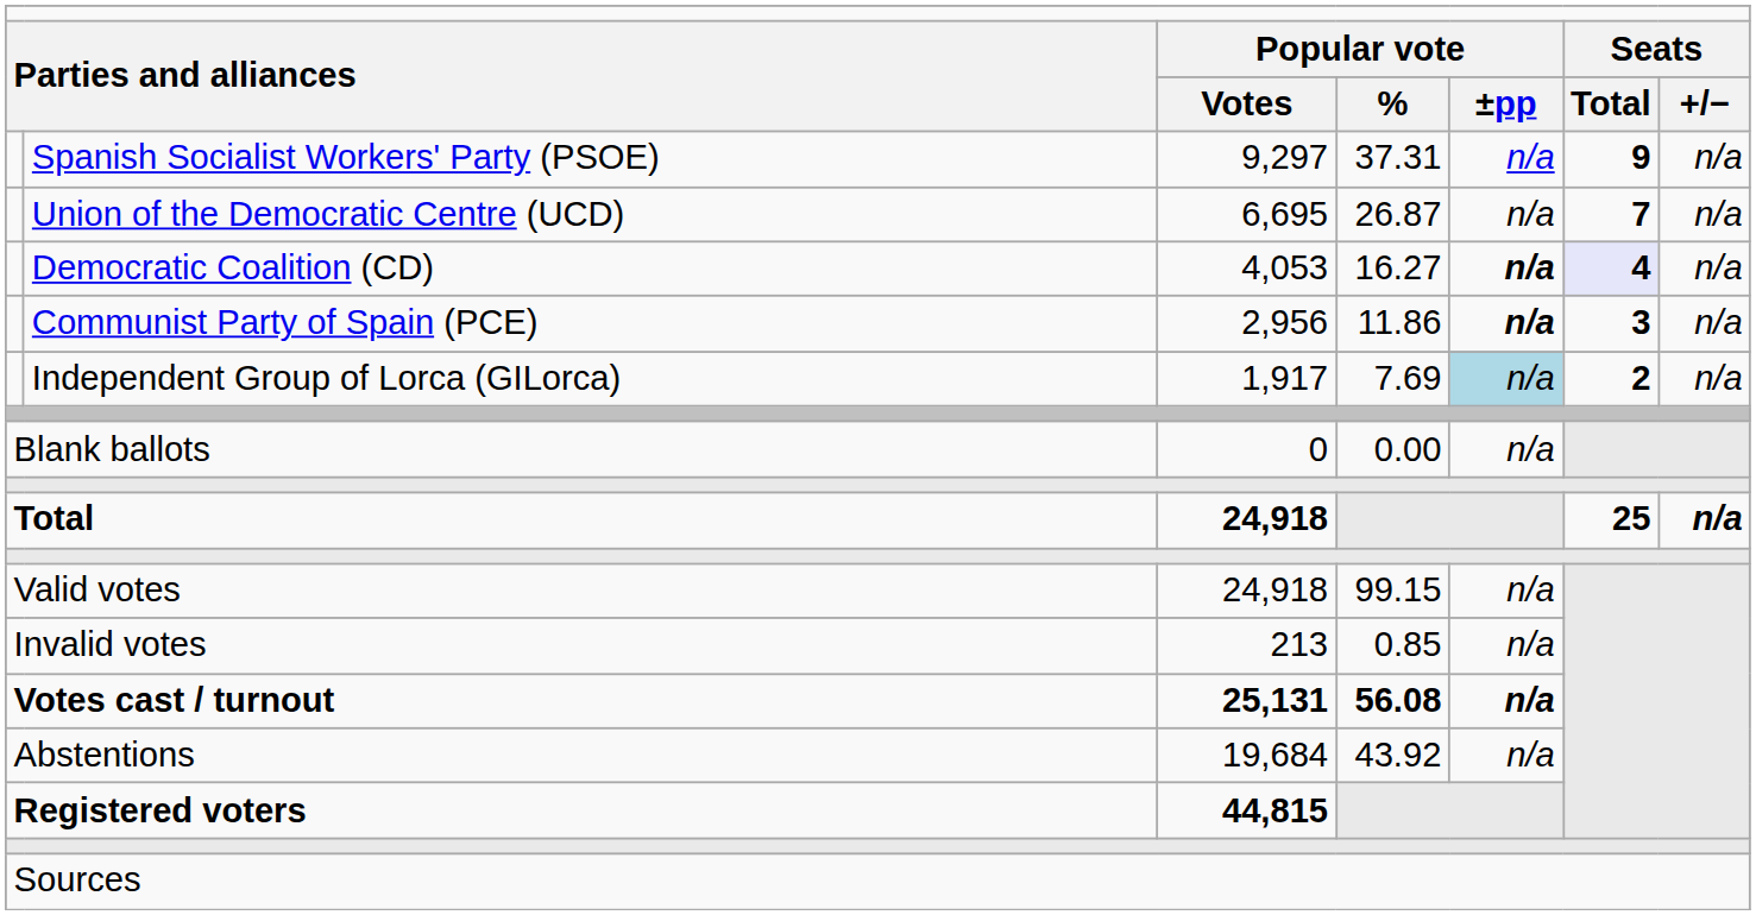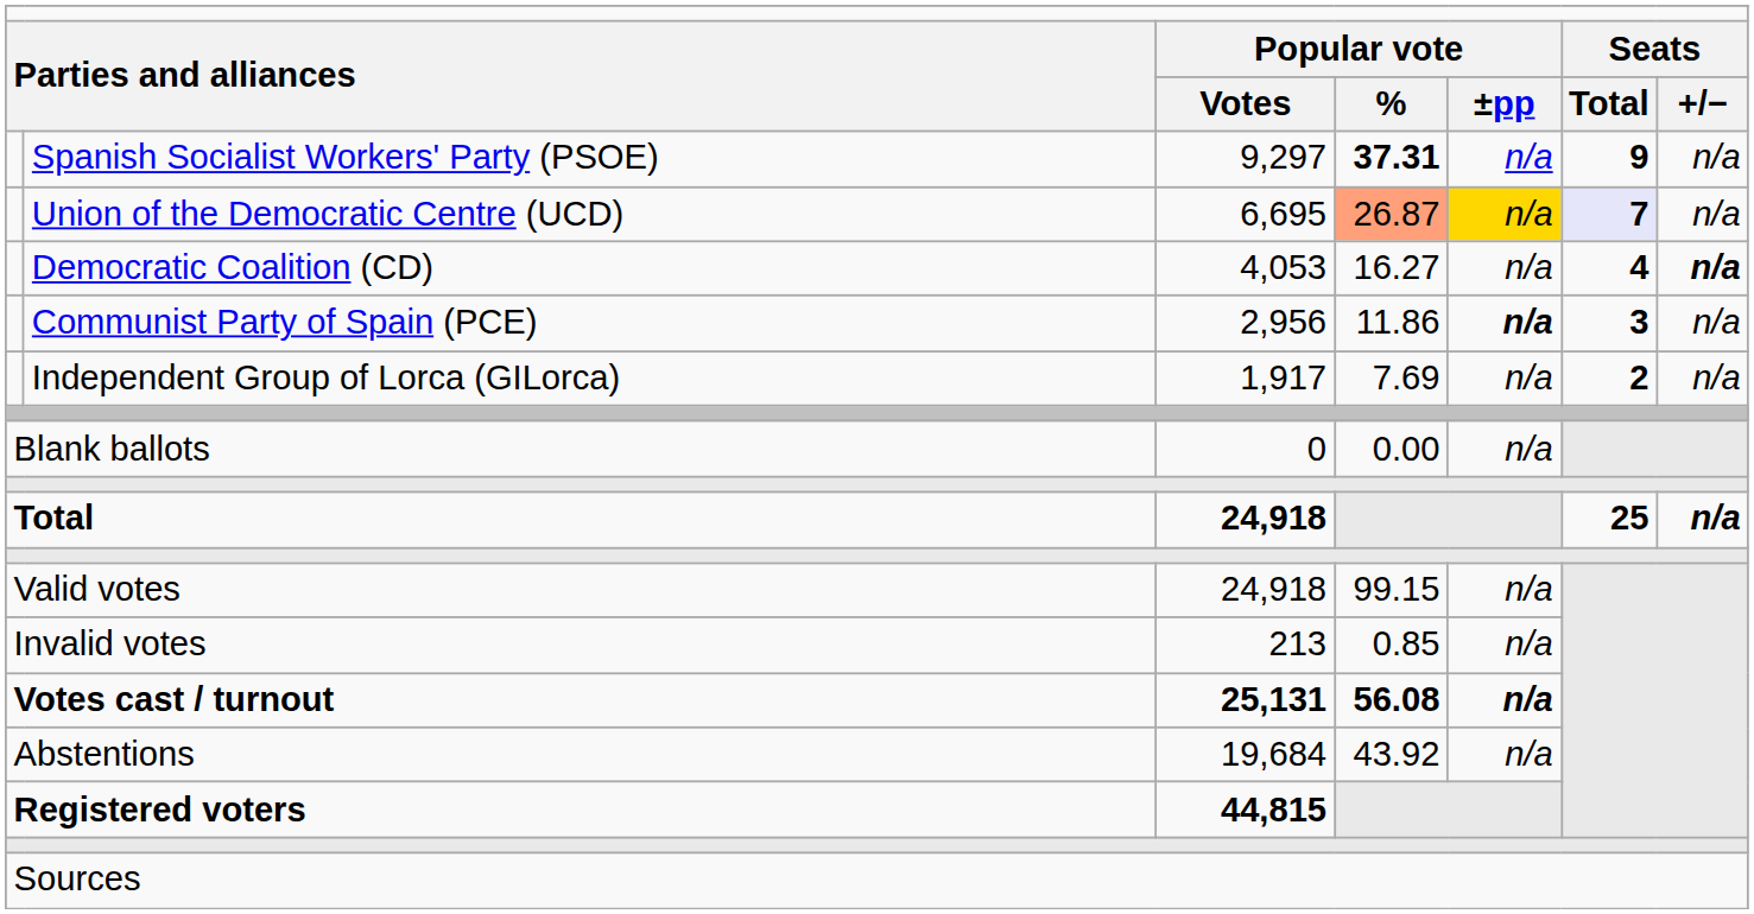 <table class="wikitable" style="text-align:right;">
 <tr>
 <td colspan="7"></td>
 </tr>
 <tr>
 <th style="text-align:left;" rowspan="2" colspan="2" width="525">Parties and alliances</th>
 <th colspan="3">Popular vote</th>
 <th colspan="2">Seats</th>
 </tr>
 <tr>
 <th width="75">Votes</th>
 <th width="45">%</th>
 <th width="45">±<a href='#'>pp</a></th>
 <th width="35">Total</th>
 <th width="35">+/−</th>
 </tr>
 <tr>
 <td width="1" style="color:inherit;background:"></td>
 <td align="left"><a href='#'>Spanish Socialist Workers' Party</a> (PSOE)</td>
 <td>9,297</td>
-<td>37.31</td>
+<td><strong>37.31</strong></td>
 <td><em><a href='#'>n/a</a></em></td>
 <td><strong>9</strong></td>
 <td><em>n/a</em></td>
 </tr>
 <tr>
 <td style="color:inherit;background:"></td>
 <td align="left"><a href='#'>Union of the Democratic Centre</a> (UCD)</td>
 <td>6,695</td>
-<td>26.87</td>
-<td><em>n/a</em></td>
-<td><strong>7</strong></td>
+<td style="background: lightsalmon;">26.87</td>
+<td style="background: gold;"><em>n/a</em></td>
+<td style="background: lavender;"><strong>7</strong></td>
 <td><em>n/a</em></td>
 </tr>
 <tr>
 <td style="color:inherit;background:"></td>
 <td align="left"><a href='#'>Democratic Coalition</a> (CD)</td>
 <td>4,053</td>
 <td>16.27</td>
+<td><em>n/a</em></td>
+<td><strong>4</strong></td>
 <td><strong><em>n/a</em></strong></td>
-<td style="background: lavender;"><strong>4</strong></td>
-<td><em>n/a</em></td>
 </tr>
 <tr>
 <td style="color:inherit;background:"></td>
 <td align="left"><a href='#'>Communist Party of Spain</a> (PCE)</td>
 <td>2,956</td>
 <td>11.86</td>
 <td><strong><em>n/a</em></strong></td>
 <td><strong>3</strong></td>
 <td><em>n/a</em></td>
 </tr>
 <tr>
 <td style="color:inherit;background:"></td>
 <td align="left">Independent Group of Lorca (GILorca)</td>
 <td>1,917</td>
 <td>7.69</td>
-<td style="background: lightblue;"><em>n/a</em></td>
+<td><em>n/a</em></td>
 <td><strong>2</strong></td>
 <td><em>n/a</em></td>
 </tr>
 <tr>
 <td colspan="7" bgcolor="#C0C0C0"></td>
 </tr>
 <tr>
 <td align="left" colspan="2">Blank ballots</td>
 <td>0</td>
 <td>0.00</td>
 <td><em>n/a</em></td>
 <td bgcolor="#E9E9E9" colspan="2"></td>
 </tr>
 <tr>
 <td colspan="7" bgcolor="#E9E9E9"></td>
 </tr>
 <tr style="font-weight:bold;">
 <td align="left" colspan="2">Total</td>
 <td>24,918</td>
 <td bgcolor="#E9E9E9" colspan="2"></td>
 <td>25</td>
 <td><em>n/a</em></td>
 </tr>
 <tr>
 <td colspan="7" bgcolor="#E9E9E9"></td>
 </tr>
 <tr>
 <td align="left" colspan="2">Valid votes</td>
 <td>24,918</td>
 <td>99.15</td>
 <td><em>n/a</em></td>
 <td bgcolor="#E9E9E9" colspan="2" rowspan="5"></td>
 </tr>
 <tr>
 <td align="left" colspan="2">Invalid votes</td>
 <td>213</td>
 <td>0.85</td>
 <td><em>n/a</em></td>
 </tr>
 <tr style="font-weight:bold;">
 <td align="left" colspan="2">Votes cast / turnout</td>
 <td>25,131</td>
 <td>56.08</td>
 <td><em>n/a</em></td>
 </tr>
 <tr>
 <td align="left" colspan="2">Abstentions</td>
 <td>19,684</td>
 <td>43.92</td>
 <td><em>n/a</em></td>
 </tr>
 <tr style="font-weight:bold;">
 <td align="left" colspan="2">Registered voters</td>
 <td>44,815</td>
 <td bgcolor="#E9E9E9" colspan="2"></td>
 </tr>
 <tr>
 <td colspan="7" bgcolor="#E9E9E9"></td>
 </tr>
 <tr>
 <td align="left" colspan="7">Sources</td>
 </tr>
 </table>
